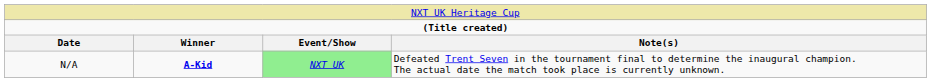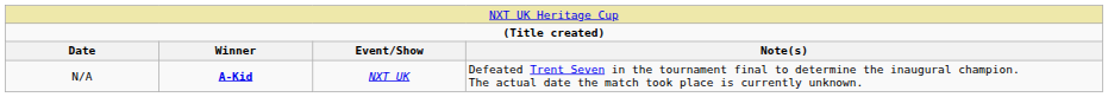 <table class="wikitable" style="text-align:center; width:100%;">
 <tr style="background:#EEE8AA;">
 <td colspan="4" style="text-align: center;"><a href='#'>NXT UK Heritage Cup</a></td>
 </tr>
 <tr>
 <td colspan="4" style="text-align: center;"><strong>(Title created)</strong></td>
 </tr>
 <tr>
 <th width=14%>Date</th>
 <th width=14%>Winner</th>
 <th width=14%>Event/Show</th>
 <th width=58%>Note(s)</th>
 </tr>
 <tr>
 <td>N/A<br></td>
 <td><strong><a href='#'>A-Kid</a></strong></td>
-<td style="background: lightgreen;"><em><a href='#'>NXT UK</a></em></td>
+<td><em><a href='#'>NXT UK</a></em></td>
 <td align=left>Defeated <a href='#'>Trent Seven</a> in the tournament final to determine the inaugural champion.<br>The actual date the match took place is currently unknown.</td>
 </tr>
 </table>
